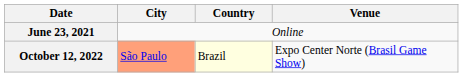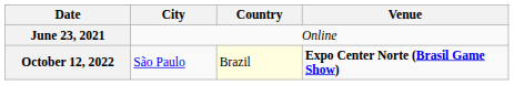 <table class="wikitable">
 <tr>
 <th scope="col" style="width:150px;">Date</th>
 <th scope="col" style="width:100px;">City</th>
 <th scope="col" style="width:100px;">Country</th>
 <th scope="col" style="width:250px;">Venue</th>
 </tr>
 <tr>
 <th scope="row">June 23, 2021</th>
 <td colspan="3" style="text-align:center"><em>Online</em></td>
 </tr>
 <tr>
 <th scope="row">October 12, 2022</th>
-<td style="background: lightsalmon;"><a href='#'>São Paulo</a></td>
+<td><a href='#'>São Paulo</a></td>
 <td style="background: lightyellow;">Brazil</td>
-<td>Expo Center Norte (<a href='#'>Brasil Game Show</a>)</td>
+<td><strong>Expo Center Norte (<a href='#'>Brasil Game Show</a>)</strong></td>
 </tr>
 </table>
